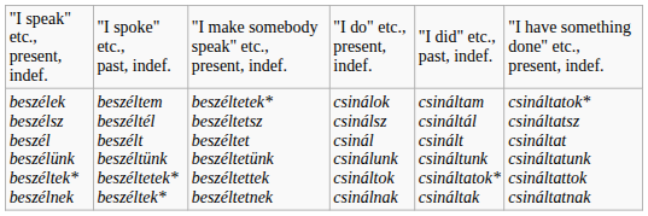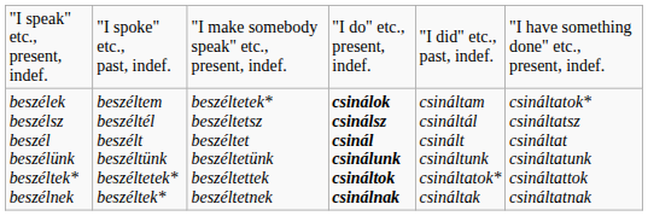 <table class="wikitable" align=center>
 <tr>
 <td>"I speak" etc.,<br>present, indef.</td>
 <td>"I spoke" etc.,<br>past, indef.</td>
 <td>"I make somebody speak" etc.,<br>present, indef.</td>
 <td>"I do" etc.,<br>present, indef.</td>
 <td>"I did" etc.,<br>past, indef.</td>
 <td>"I have something done" etc.,<br>present, indef.</td>
 </tr>
 <tr>
 <td><em>beszélek<br>beszélsz<br>beszél<br>beszélünk<br>beszéltek*<br>beszélnek</em></td>
 <td><em>beszéltem<br>beszéltél<br>beszélt<br>beszéltünk<br>beszéltetek*<br>beszéltek*</em></td>
 <td><em>beszéltetek*<br>beszéltetsz<br>beszéltet<br>beszéltetünk<br>beszéltettek<br>beszéltetnek</em></td>
-<td><em>csinálok<br>csinálsz<br>csinál<br>csinálunk<br>csináltok<br>csinálnak</em></td>
+<td><strong><em>csinálok<br>csinálsz<br>csinál<br>csinálunk<br>csináltok<br>csinálnak</em></strong></td>
 <td><em>csináltam<br>csináltál<br>csinált<br>csináltunk<br>csináltatok*<br>csináltak</em></td>
 <td><em>csináltatok*<br>csináltatsz<br>csináltat<br>csináltatunk<br>csináltattok<br>csináltatnak</em></td>
 </tr>
 </table>
